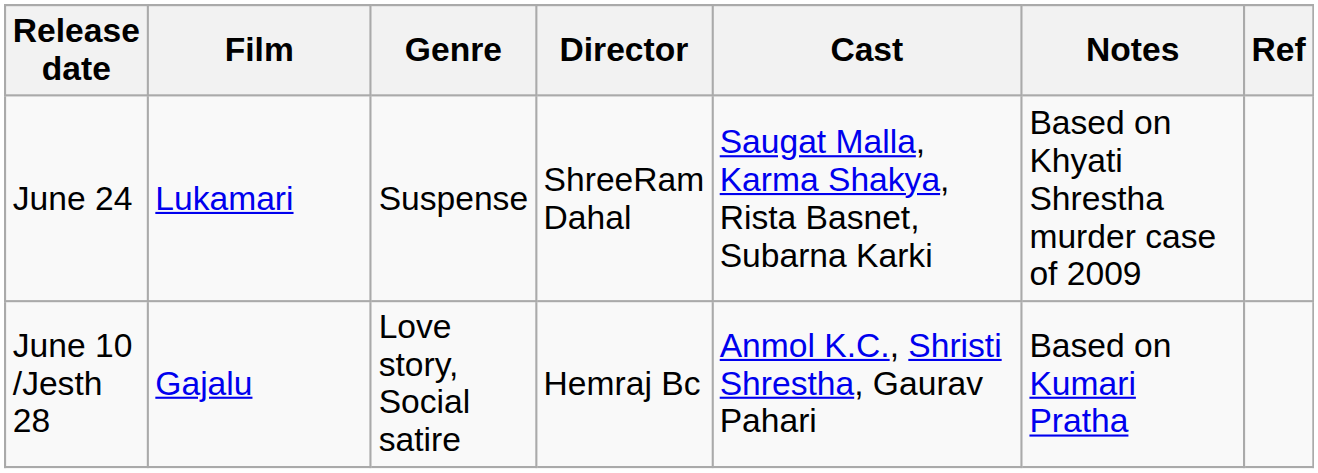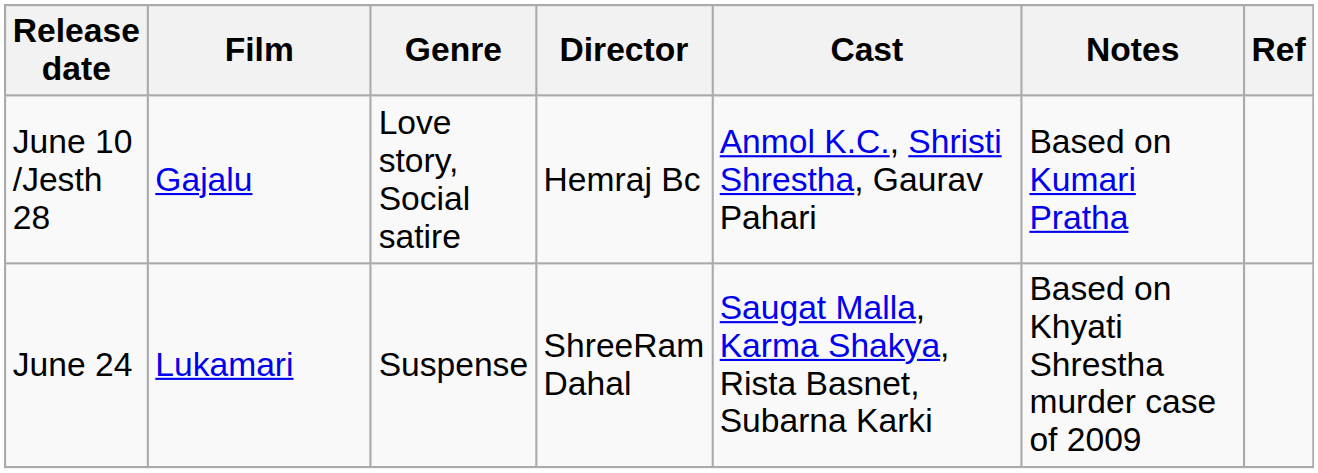 <table class="wikitable sortable" style="width:100%">
 <tr shor>
 </tr>
 <tr>
 <th style="width:10%;">Release date</th>
 <th style="width:20%;">Film</th>
 <th !style="width:10%;">Genre</th>
 <th style="width:10%;">Director</th>
 <th style="width:30%;">Cast</th>
 <th style="width:20%;">Notes</th>
 <th style="width:2%;">Ref</th>
 </tr>
 <tr>
+<td>June 10 /Jesth 28</td>
+<td><a href='#'>Gajalu</a></td>
+<td>Love story, Social satire</td>
+<td>Hemraj Bc</td>
+<td><a href='#'>Anmol K.C.</a>, <a href='#'>Shristi Shrestha</a>, Gaurav Pahari</td>
+<td>Based on <a href='#'>Kumari Pratha</a></td>
+<td></td>
+</tr>
+<tr>
 <td>June 24</td>
 <td><a href='#'>Lukamari</a></td>
 <td>Suspense</td>
 <td>ShreeRam Dahal</td>
 <td><a href='#'>Saugat Malla</a>, <a href='#'>Karma Shakya</a>, Rista Basnet, Subarna Karki</td>
 <td>Based on Khyati Shrestha murder case of 2009</td>
 <td></td>
 </tr>
-<tr>
-<td>June 10 /Jesth 28</td>
-<td><a href='#'>Gajalu</a></td>
-<td>Love story, Social satire</td>
-<td>Hemraj Bc</td>
-<td><a href='#'>Anmol K.C.</a>, <a href='#'>Shristi Shrestha</a>, Gaurav Pahari</td>
-<td>Based on <a href='#'>Kumari Pratha</a></td>
-<td></td>
-</tr>
 </table>
